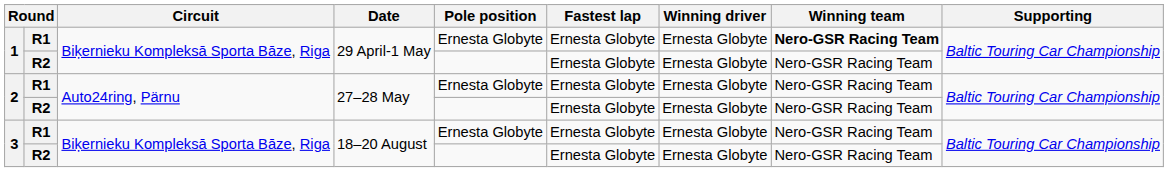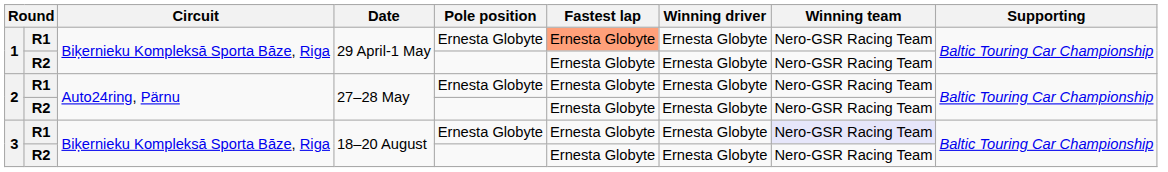 <table class="wikitable" style="font-size: 85%;">
 <tr>
 <th colspan=2>Round</th>
 <th>Circuit</th>
 <th>Date</th>
 <th>Pole position</th>
 <th>Fastest lap</th>
 <th>Winning driver</th>
 <th>Winning team</th>
 <th>Supporting</th>
 </tr>
 <tr>
 <th rowspan=2>1</th>
 <th>R1</th>
 <td rowspan=2> <a href='#'>Biķernieku Kompleksā Sporta Bāze</a>, <a href='#'>Riga</a></td>
 <td rowspan=2>29 April-1 May</td>
 <td> Ernesta Globyte</td>
+<td style="background: lightsalmon;"> Ernesta Globyte</td>
 <td> Ernesta Globyte</td>
-<td> Ernesta Globyte</td>
-<td><strong> Nero-GSR Racing Team</strong></td>
+<td> Nero-GSR Racing Team</td>
 <td rowspan=2><em><a href='#'>Baltic Touring Car Championship</a></em></td>
 </tr>
 <tr>
 <th>R2</th>
 <td></td>
 <td> Ernesta Globyte</td>
 <td> Ernesta Globyte</td>
 <td> Nero-GSR Racing Team</td>
 </tr>
 <tr>
 <th rowspan=2>2</th>
 <th>R1</th>
 <td rowspan=2> <a href='#'>Auto24ring</a>, <a href='#'>Pärnu</a></td>
 <td rowspan=2>27–28 May</td>
 <td> Ernesta Globyte</td>
 <td> Ernesta Globyte</td>
 <td> Ernesta Globyte</td>
 <td> Nero-GSR Racing Team</td>
 <td rowspan=2><em><a href='#'>Baltic Touring Car Championship</a></em></td>
 </tr>
 <tr>
 <th>R2</th>
 <td></td>
 <td> Ernesta Globyte</td>
 <td> Ernesta Globyte</td>
 <td> Nero-GSR Racing Team</td>
 </tr>
 <tr>
 <th rowspan=2>3</th>
 <th>R1</th>
 <td rowspan=2> <a href='#'>Biķernieku Kompleksā Sporta Bāze</a>, <a href='#'>Riga</a></td>
 <td rowspan=2>18–20 August</td>
 <td> Ernesta Globyte</td>
 <td> Ernesta Globyte</td>
 <td> Ernesta Globyte</td>
-<td> Nero-GSR Racing Team</td>
+<td style="background: lavender;"> Nero-GSR Racing Team</td>
 <td rowspan=2><em><a href='#'>Baltic Touring Car Championship</a></em></td>
 </tr>
 <tr>
 <th>R2</th>
 <td></td>
 <td> Ernesta Globyte</td>
 <td> Ernesta Globyte</td>
 <td> Nero-GSR Racing Team</td>
 </tr>
 </table>
